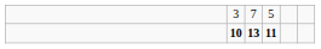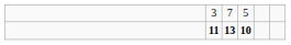 <table class="wikitable">
 <tr>
 <td style="width:18em"></td>
 <td align=center style="width:1em">3</td>
 <td align=center style="width:1em">7</td>
 <td align=center style="width:1em">5</td>
 <td align=center style="width:1em"></td>
 <td align=center style="width:1em"></td>
 </tr>
 <tr>
 <td style="width:18em"></td>
+<td align=center style="width:1em"><strong>11</strong></td>
+<td align=center style="width:1em"><strong>13</strong></td>
 <td align=center style="width:1em"><strong>10</strong></td>
-<td align=center style="width:1em"><strong>13</strong></td>
-<td align=center style="width:1em"><strong>11</strong></td>
 <td align=center style="width:1em"></td>
 <td align=center style="width:1em"></td>
 </tr>
 </table>
